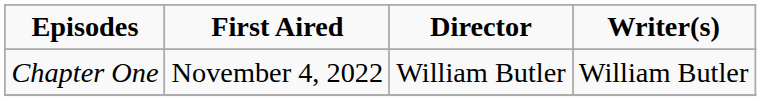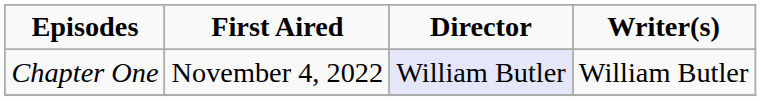 <table class="wikitable" border="4">
 <tr>
 <td align="center"><strong>Episodes</strong></td>
 <td align="center"><strong>First Aired</strong></td>
 <td align="center"><strong>Director</strong></td>
 <td align="center"><strong>Writer(s)</strong></td>
 </tr>
 <tr>
 <td><em>Chapter One</em></td>
 <td align="center">November 4, 2022</td>
-<td align="center">William Butler</td>
+<td align="center" style="background: lavender;">William Butler</td>
 <td align="center">William Butler</td>
 </tr>
 <tr>
 </tr>
 </table>
